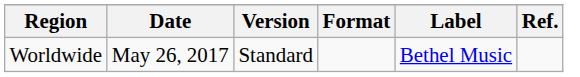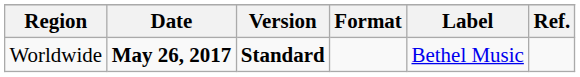 <table class="wikitable plainrowheaders">
 <tr>
 </tr>
 <tr>
 <th scope="col">Region</th>
 <th scope="col">Date</th>
 <th scope="col">Version</th>
 <th scope="col">Format</th>
 <th scope="col">Label</th>
 <th scope="col">Ref.</th>
 </tr>
 <tr>
 <td>Worldwide</td>
-<td>May 26, 2017</td>
-<td>Standard</td>
+<td><strong>May 26, 2017</strong></td>
+<td><strong>Standard</strong></td>
 <td></td>
 <td><a href='#'>Bethel Music</a></td>
 <td></td>
 </tr>
 </table>
